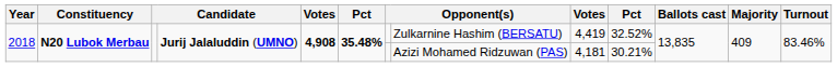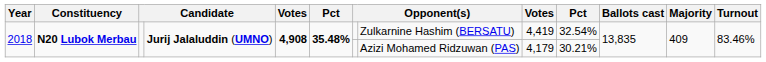 <table class="wikitable" style="margin:0.5em ; font-size:95%">
 <tr>
 <th>Year</th>
 <th>Constituency</th>
 <th colspan=2>Candidate</th>
 <th>Votes</th>
 <th>Pct</th>
 <th colspan=2>Opponent(s)</th>
 <th>Votes</th>
 <th>Pct</th>
 <th>Ballots cast</th>
 <th>Majority</th>
 <th>Turnout</th>
 </tr>
 <tr>
 <td rowspan="2"><a href='#'>2018</a></td>
 <td rowspan="2"><strong>N20 <a href='#'>Lubok Merbau</a></strong></td>
 <td rowspan="2" ></td>
 <td rowspan="2"><strong>Jurij Jalaluddin</strong> (<a href='#'><strong>UMNO</strong></a>)</td>
 <td rowspan="2" style="text-align:right;"><strong>4,908</strong></td>
 <td rowspan="2"><strong>35.48%</strong></td>
 <td></td>
 <td>Zulkarnine Hashim (<a href='#'>BERSATU</a>)</td>
 <td style="text-align:right;">4,419</td>
-<td>32.52%</td>
+<td>32.54%</td>
 <td rowspan="2">13,835</td>
 <td rowspan="2">409</td>
 <td rowspan="2">83.46%</td>
 </tr>
 <tr>
 <td></td>
 <td>Azizi Mohamed Ridzuwan (<a href='#'>PAS</a>)</td>
-<td style="text-align:right;">4,181</td>
+<td style="text-align:right;">4,179</td>
 <td>30.21%</td>
 </tr>
 </table>
